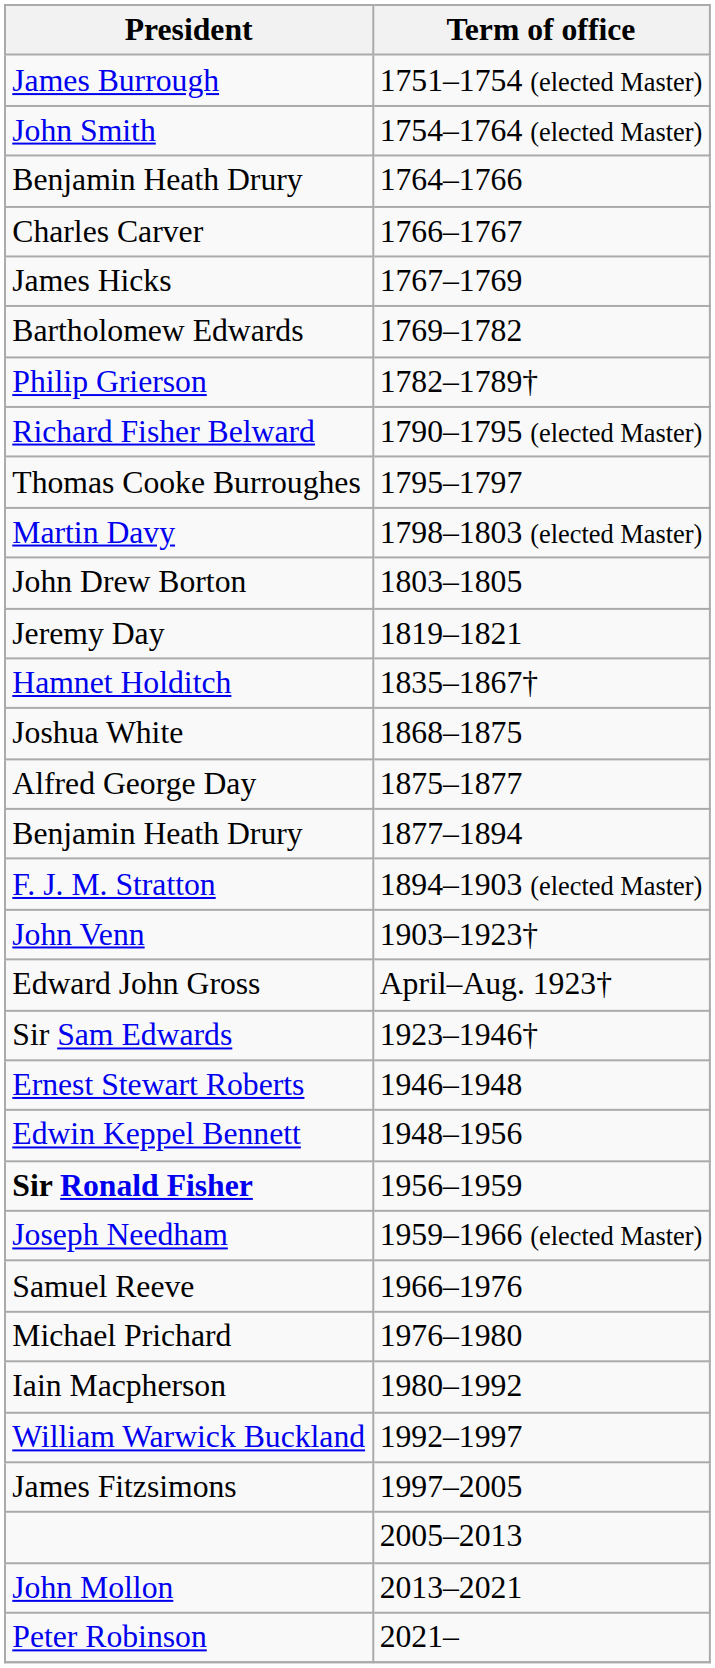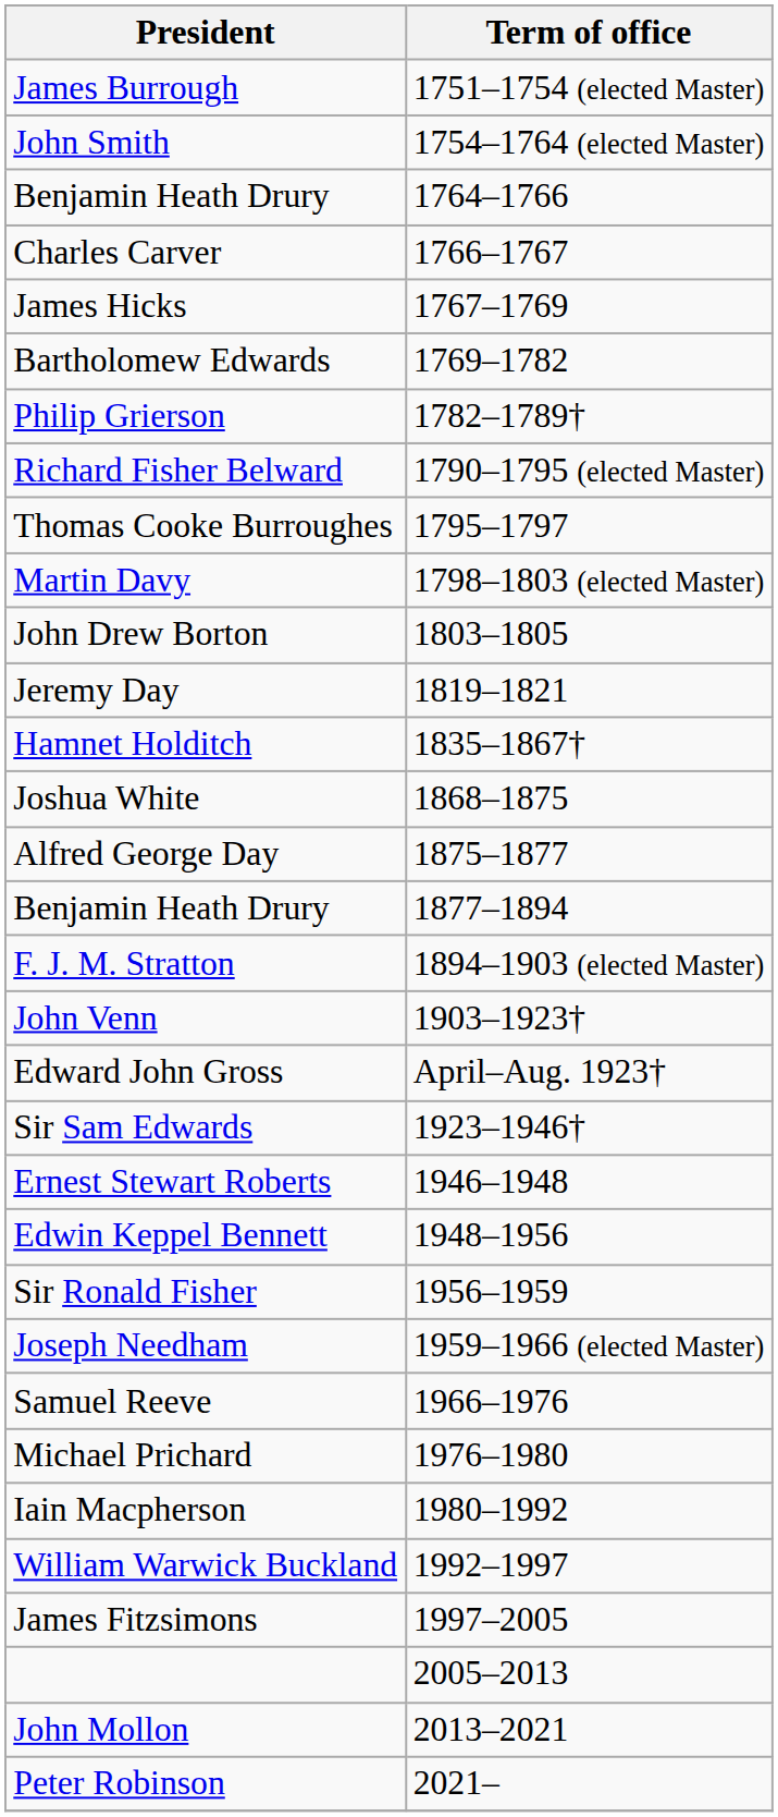 <table class="wikitable" border="0">
 <tr>
 <th>President</th>
 <th>Term of office</th>
 </tr>
 <tr>
 <td><a href='#'>James Burrough</a></td>
 <td>1751–1754 <small>(elected Master)</small></td>
 </tr>
 <tr>
 <td><a href='#'>John Smith</a></td>
 <td>1754–1764 <small>(elected Master)</small></td>
 </tr>
 <tr>
 <td>Benjamin Heath Drury</td>
 <td>1764–1766</td>
 </tr>
 <tr>
 <td>Charles Carver</td>
 <td>1766–1767</td>
 </tr>
 <tr>
 <td>James Hicks</td>
 <td>1767–1769</td>
 </tr>
 <tr>
 <td>Bartholomew Edwards</td>
 <td>1769–1782</td>
 </tr>
 <tr>
 <td><a href='#'>Philip Grierson</a></td>
 <td>1782–1789†</td>
 </tr>
 <tr>
 <td><a href='#'>Richard Fisher Belward</a></td>
 <td>1790–1795 <small>(elected Master)</small></td>
 </tr>
 <tr>
 <td>Thomas Cooke Burroughes</td>
 <td>1795–1797</td>
 </tr>
 <tr>
 <td><a href='#'>Martin Davy</a></td>
 <td>1798–1803 <small>(elected Master)</small></td>
 </tr>
 <tr>
 <td>John Drew Borton</td>
 <td>1803–1805</td>
 </tr>
 <tr>
 <td>Jeremy Day</td>
 <td>1819–1821</td>
 </tr>
 <tr>
 <td><a href='#'>Hamnet Holditch</a></td>
 <td>1835–1867†</td>
 </tr>
 <tr>
 <td>Joshua White</td>
 <td>1868–1875</td>
 </tr>
 <tr>
 <td>Alfred George Day</td>
 <td>1875–1877</td>
 </tr>
 <tr>
 <td>Benjamin Heath Drury</td>
 <td>1877–1894</td>
 </tr>
 <tr>
 <td><a href='#'>F. J. M. Stratton</a></td>
 <td>1894–1903 <small>(elected Master)</small></td>
 </tr>
 <tr>
 <td><a href='#'>John Venn</a></td>
 <td>1903–1923†</td>
 </tr>
 <tr>
 <td>Edward John Gross</td>
 <td>April–Aug. 1923†</td>
 </tr>
 <tr>
 <td>Sir <a href='#'>Sam Edwards</a></td>
 <td>1923–1946†</td>
 </tr>
 <tr>
 <td><a href='#'>Ernest Stewart Roberts</a></td>
 <td>1946–1948</td>
 </tr>
 <tr>
 <td><a href='#'>Edwin Keppel Bennett</a></td>
 <td>1948–1956</td>
 </tr>
 <tr>
-<td><strong>Sir <a href='#'>Ronald Fisher</a></strong></td>
+<td>Sir <a href='#'>Ronald Fisher</a></td>
 <td>1956–1959</td>
 </tr>
 <tr>
 <td><a href='#'>Joseph Needham</a></td>
 <td>1959–1966 <small>(elected Master)</small></td>
 </tr>
 <tr>
 <td>Samuel Reeve</td>
 <td>1966–1976</td>
 </tr>
 <tr>
 <td>Michael Prichard</td>
 <td>1976–1980</td>
 </tr>
 <tr>
 <td>Iain Macpherson</td>
 <td>1980–1992</td>
 </tr>
 <tr>
 <td><a href='#'>William Warwick Buckland</a></td>
 <td>1992–1997</td>
 </tr>
 <tr>
 <td>James Fitzsimons</td>
 <td>1997–2005</td>
 </tr>
 <tr>
 <td></td>
 <td>2005–2013</td>
 </tr>
 <tr>
 <td><a href='#'>John Mollon</a></td>
 <td>2013–2021</td>
 </tr>
 <tr>
 <td><a href='#'>Peter Robinson</a></td>
 <td>2021–</td>
 </tr>
 <tr>
 </tr>
 </table>
